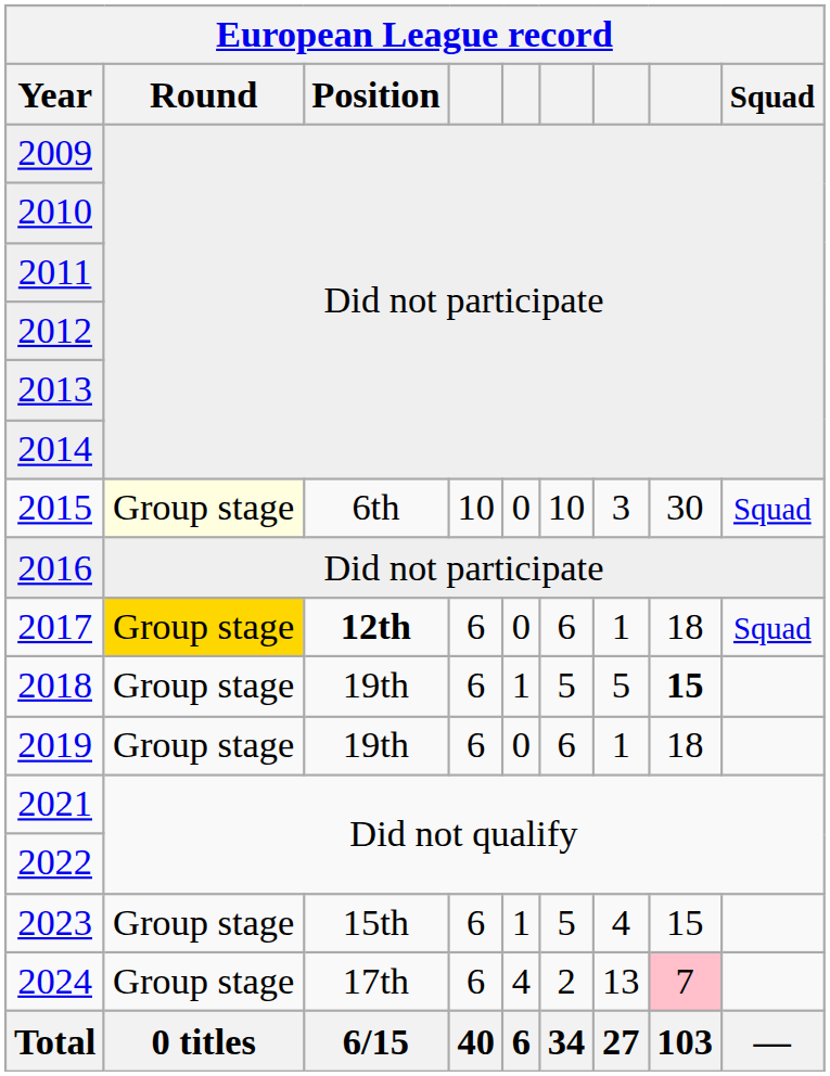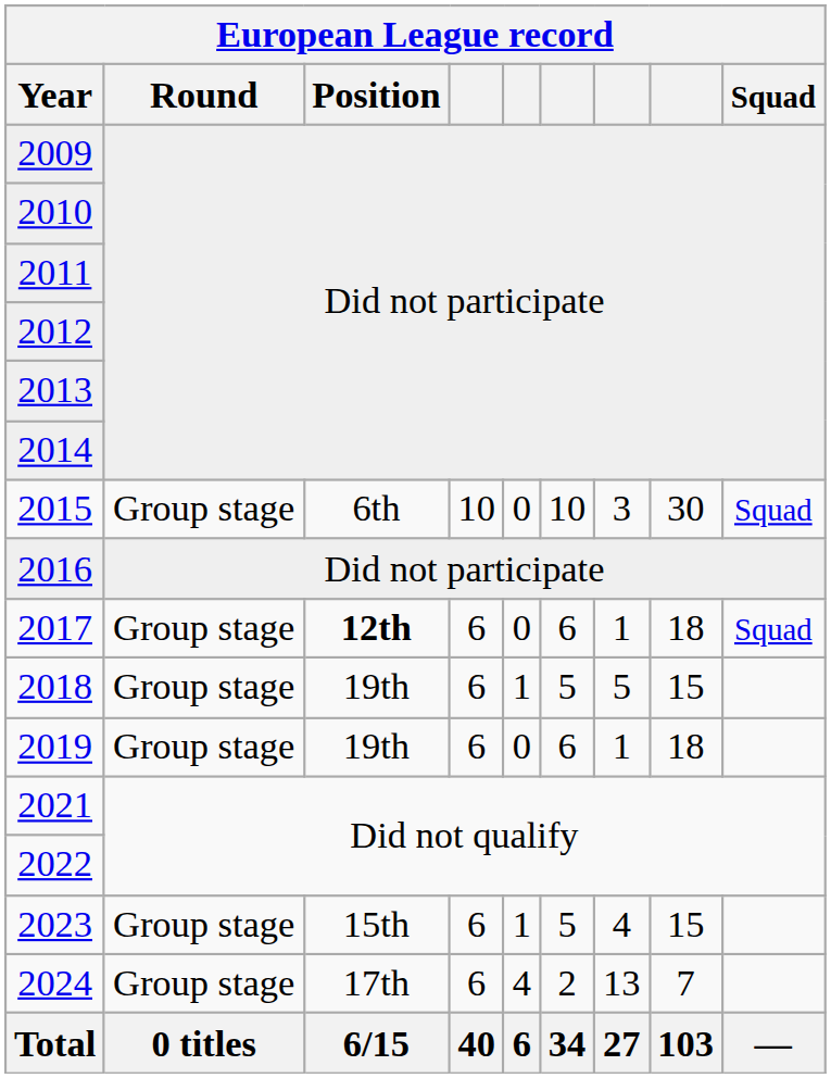 <table class="wikitable" style="text-align: center;">
 <tr>
 <th colspan=10><a href='#'>European League record</a></th>
 </tr>
 <tr>
 <th>Year</th>
 <th>Round</th>
 <th>Position</th>
 <th></th>
 <th></th>
 <th></th>
 <th></th>
 <th></th>
 <th><small>Squad</small></th>
 </tr>
 <tr bgcolor="efefef">
 <td><a href='#'>2009</a></td>
 <td colspan=8 rowspan=6 align=center>Did not participate</td>
 </tr>
 <tr bgcolor="efefef">
 <td><a href='#'>2010</a></td>
 </tr>
 <tr bgcolor="efefef">
 <td><a href='#'>2011</a></td>
 </tr>
 <tr bgcolor="efefef">
 <td><a href='#'>2012</a></td>
 </tr>
 <tr bgcolor="efefef">
 <td><a href='#'>2013</a></td>
 </tr>
 <tr bgcolor="efefef">
 <td><a href='#'>2014</a></td>
 </tr>
 <tr>
 <td><a href='#'>2015</a></td>
-<td style="background: lightyellow;">Group stage</td>
+<td>Group stage</td>
 <td>6th</td>
 <td>10</td>
 <td>0</td>
 <td>10</td>
 <td>3</td>
 <td>30</td>
 <td><small><a href='#'>Squad</a></small></td>
 </tr>
 <tr bgcolor="efefef">
 <td><a href='#'>2016</a></td>
 <td colspan=8 align=center>Did not participate</td>
 </tr>
 <tr>
 <td><a href='#'>2017</a></td>
-<td style="background: gold;">Group stage</td>
+<td>Group stage</td>
 <td><strong>12th</strong></td>
 <td>6</td>
 <td>0</td>
 <td>6</td>
 <td>1</td>
 <td>18</td>
 <td><small><a href='#'>Squad</a></small></td>
 </tr>
 <tr>
 <td><a href='#'>2018</a></td>
 <td>Group stage</td>
 <td>19th</td>
 <td>6</td>
 <td>1</td>
 <td>5</td>
 <td>5</td>
-<td><strong>15</strong></td>
+<td>15</td>
 <td></td>
 </tr>
 <tr>
 <td><a href='#'>2019</a></td>
 <td>Group stage</td>
 <td>19th</td>
 <td>6</td>
 <td>0</td>
 <td>6</td>
 <td>1</td>
 <td>18</td>
 <td></td>
 </tr>
 <tr>
 <td><a href='#'>2021</a></td>
 <td colspan=8 rowspan=2 align=center>Did not qualify</td>
 </tr>
 <tr>
 <td><a href='#'>2022</a></td>
 </tr>
 <tr>
 <td><a href='#'>2023</a></td>
 <td>Group stage</td>
 <td>15th</td>
 <td>6</td>
 <td>1</td>
 <td>5</td>
 <td>4</td>
 <td>15</td>
 <td></td>
 </tr>
 <tr>
 <td><a href='#'>2024</a></td>
 <td>Group stage</td>
 <td>17th</td>
 <td>6</td>
 <td>4</td>
 <td>2</td>
 <td>13</td>
-<td style="background: pink;">7</td>
+<td>7</td>
 <td></td>
 </tr>
 <tr>
 <th>Total</th>
 <th>0 titles</th>
 <th>6/15</th>
 <th>40</th>
 <th>6</th>
 <th>34</th>
 <th>27</th>
 <th>103</th>
 <th>—</th>
 </tr>
 </table>
